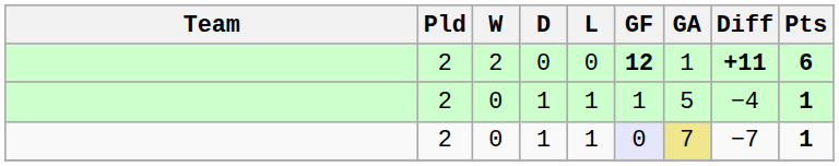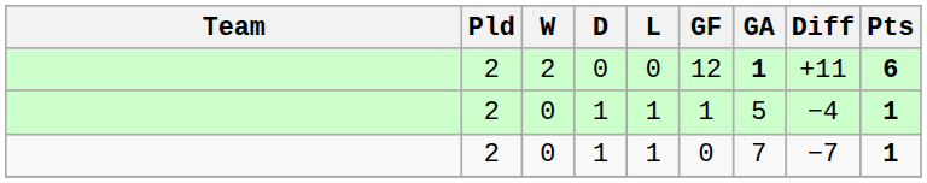 <table class="wikitable" style="text-align: center;">
 <tr>
 <th width=220>Team</th>
 <th width=20>Pld</th>
 <th width=20>W</th>
 <th width=20>D</th>
 <th width=20>L</th>
 <th width=20>GF</th>
 <th width=20>GA</th>
 <th width=20>Diff</th>
 <th width=20>Pts</th>
 </tr>
 <tr bgcolor=ccffcc>
 <td align="left"></td>
 <td>2</td>
 <td>2</td>
 <td>0</td>
 <td>0</td>
-<td><strong>12</strong></td>
-<td>1</td>
-<td><strong>+11</strong></td>
+<td>12</td>
+<td><strong>1</strong></td>
+<td>+11</td>
 <td><strong>6</strong></td>
 </tr>
 <tr bgcolor=ccffcc>
 <td align="left"></td>
 <td>2</td>
 <td>0</td>
 <td>1</td>
 <td>1</td>
 <td>1</td>
 <td>5</td>
 <td>−4</td>
 <td><strong>1</strong></td>
 </tr>
 <tr>
 <td align="left"></td>
 <td>2</td>
 <td>0</td>
 <td>1</td>
 <td>1</td>
-<td style="background: lavender;">0</td>
-<td style="background: khaki;">7</td>
+<td>0</td>
+<td>7</td>
 <td>−7</td>
 <td><strong>1</strong></td>
 </tr>
 <tr>
 </tr>
 </table>
